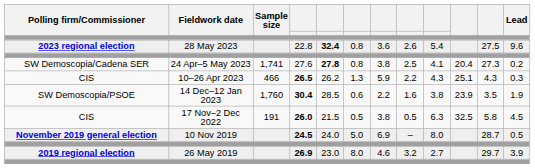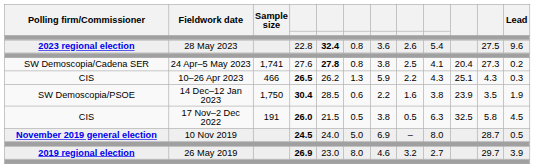 <table class="wikitable collapsible collapsed" style="text-align:center; font-size:90%; line-height:14px;">
 <tr style="height:42px;">
 <th style="width:250px;" rowspan="2">Polling firm/Commissioner</th>
 <th style="width:125px;" rowspan="2">Fieldwork date</th>
 <th style="width:50px;" rowspan="2">Sample size</th>
 <th style="width:35px;"></th>
 <th style="width:35px;"></th>
 <th style="width:35px;"></th>
 <th style="width:35px;"></th>
 <th style="width:35px;"></th>
 <th style="width:35px;"></th>
 <th style="width:35px;" rowspan="2"></th>
 <th style="width:35px;" rowspan="2"></th>
 <th style="width:30px;" rowspan="2">Lead</th>
 </tr>
 <tr>
 <th style="color:inherit;background:"></th>
 <th style="color:inherit;background:"></th>
 <th style="color:inherit;background:"></th>
 <th style="color:inherit;background:"></th>
 <th style="color:inherit;background:"></th>
 <th style="color:inherit;background:"></th>
 </tr>
 <tr>
 <td colspan="12" style="background:#A0A0A0"></td>
 </tr>
 <tr style="background:#EFEFEF;">
 <td><strong><a href='#'>2023 regional election</a></strong></td>
 <td>28 May 2023</td>
 <td></td>
 <td>22.8</td>
 <td><strong>32.4</strong></td>
 <td>0.8</td>
 <td>3.6</td>
 <td>2.6</td>
 <td>5.4</td>
 <td></td>
 <td>27.5</td>
 <td style="background:">9.6</td>
 </tr>
 <tr>
 <td colspan="12" style="background:#A0A0A0"></td>
 </tr>
 <tr>
 <td>SW Demoscopia/Cadena SER</td>
 <td>24 Apr–5 May 2023</td>
 <td>1,741</td>
 <td>27.6</td>
 <td><strong>27.8</strong></td>
 <td>0.8</td>
 <td>3.8</td>
 <td>2.5</td>
 <td>4.1</td>
 <td>20.4</td>
 <td>27.3</td>
 <td style="background:">0.2</td>
 </tr>
 <tr>
 <td>CIS</td>
 <td>10–26 Apr 2023</td>
 <td>466</td>
 <td><strong>26.5</strong></td>
 <td>26.2</td>
 <td>1.3</td>
 <td>5.9</td>
 <td>2.2</td>
 <td>4.3</td>
 <td>25.1</td>
 <td>4.3</td>
 <td style="background:">0.3</td>
 </tr>
 <tr>
 <td>SW Demoscopia/PSOE</td>
 <td>14 Dec–12 Jan 2023</td>
-<td>1,760</td>
+<td>1,750</td>
 <td><strong>30.4</strong></td>
 <td>28.5</td>
 <td>0.6</td>
 <td>2.2</td>
 <td>1.6</td>
 <td>3.8</td>
 <td>23.9</td>
 <td>3.5</td>
 <td style="background:">1.9</td>
 </tr>
 <tr>
 <td>CIS</td>
 <td>17 Nov–2 Dec 2022</td>
 <td>191</td>
 <td><strong>26.0</strong></td>
 <td>21.5</td>
 <td>0.5</td>
 <td>3.8</td>
 <td>0.5</td>
 <td>6.3</td>
 <td>32.5</td>
 <td>5.8</td>
 <td style="background:">4.5</td>
 </tr>
 <tr style="background:#EFEFEF;">
 <td><strong><a href='#'>November 2019 general election</a></strong></td>
 <td>10 Nov 2019</td>
 <td></td>
 <td><strong>24.5</strong></td>
 <td>24.0</td>
 <td>5.0</td>
 <td>6.9</td>
 <td>–</td>
 <td>8.0</td>
 <td></td>
 <td>28.7</td>
 <td style="background:">0.5</td>
 </tr>
 <tr>
 <td colspan="12" style="background:#A0A0A0"></td>
 </tr>
 <tr style="background:#EFEFEF;">
 <td><strong><a href='#'>2019 regional election</a></strong></td>
 <td>26 May 2019</td>
 <td></td>
 <td><strong>26.9</strong></td>
 <td>23.0</td>
 <td>8.0</td>
 <td>4.6</td>
 <td>3.2</td>
 <td>2.7</td>
 <td></td>
 <td>29.7</td>
 <td style="background:">3.9</td>
 </tr>
 <tr>
 <td colspan="12" style="background:#A0A0A0"></td>
 </tr>
 </table>
